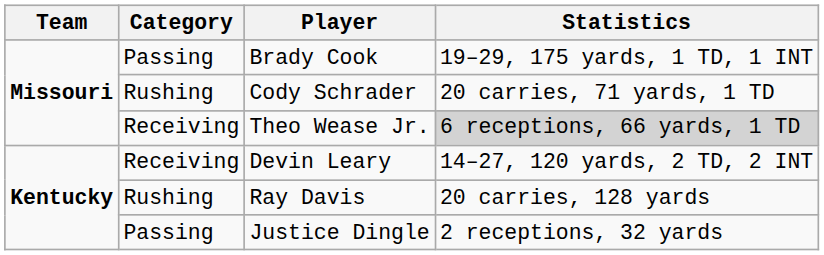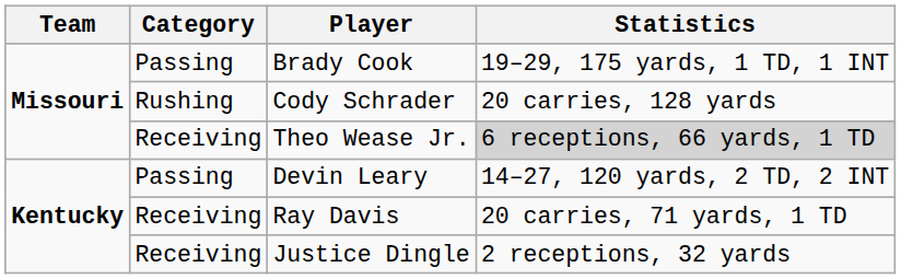 <table class="wikitable" style="float: right;">
 <tr>
 <th>Team</th>
 <th>Category</th>
 <th>Player</th>
 <th>Statistics</th>
 </tr>
 <tr>
 <td rowspan=3><strong>Missouri</strong></td>
 <td>Passing</td>
 <td>Brady Cook</td>
 <td>19–29, 175 yards, 1 TD, 1 INT</td>
 </tr>
 <tr>
 <td>Rushing</td>
 <td>Cody Schrader</td>
-<td>20 carries, 71 yards, 1 TD</td>
+<td>20 carries, 128 yards</td>
 </tr>
 <tr>
 <td>Receiving</td>
 <td>Theo Wease Jr.</td>
 <td style="background: lightgrey;">6 receptions, 66 yards, 1 TD</td>
 </tr>
 <tr>
 <td rowspan=3><strong>Kentucky</strong></td>
-<td>Receiving</td>
+<td>Passing</td>
 <td>Devin Leary</td>
 <td>14–27, 120 yards, 2 TD, 2 INT</td>
 </tr>
 <tr>
-<td>Rushing</td>
+<td>Receiving</td>
 <td>Ray Davis</td>
-<td>20 carries, 128 yards</td>
+<td>20 carries, 71 yards, 1 TD</td>
 </tr>
 <tr>
-<td>Passing</td>
+<td>Receiving</td>
 <td>Justice Dingle</td>
 <td>2 receptions, 32 yards</td>
 </tr>
 </table>
